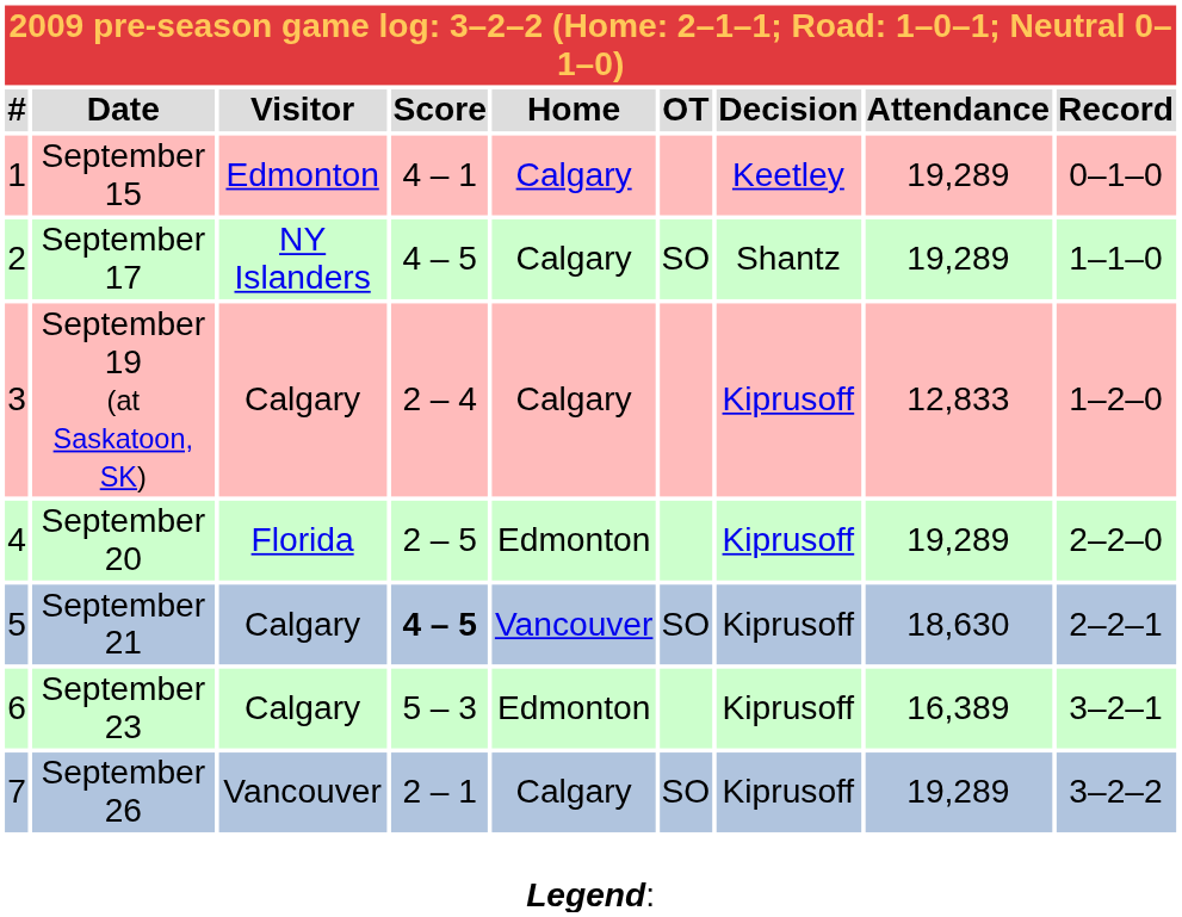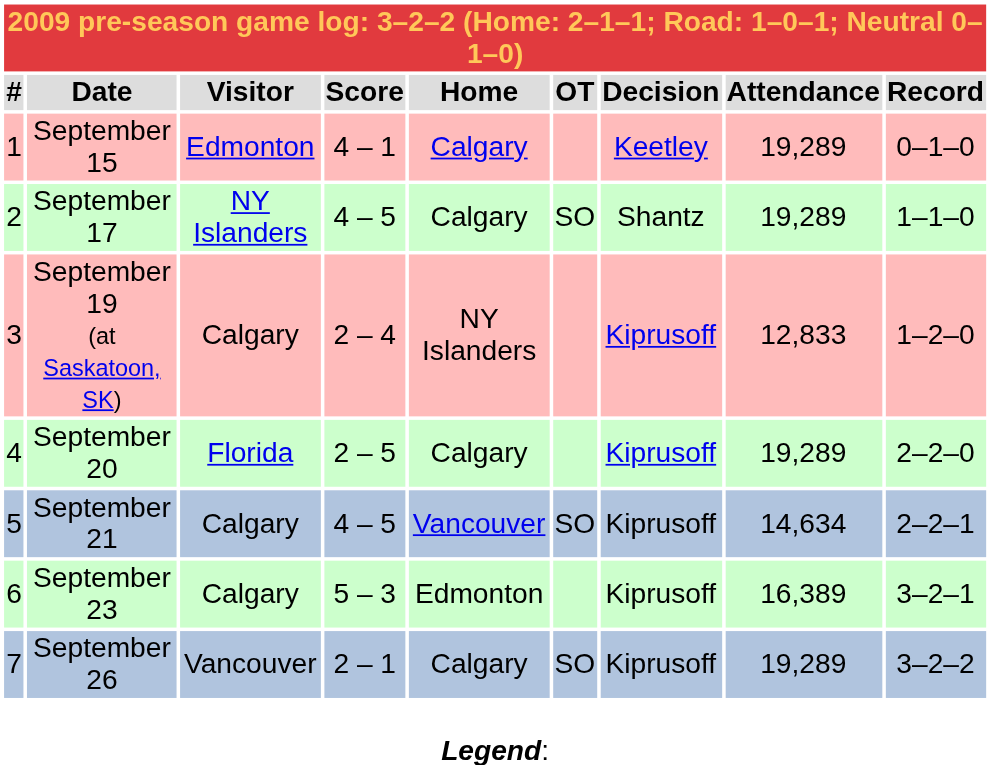 <table class="toccolours collapsible collapsed" width=90% style="clear:both; margin:1.5em auto; text-align:center">
 <tr>
 <th colspan=11 style="background: #E13A3E; color:#FFC859;">2009 pre-season game log: 3–2–2 (Home: 2–1–1; Road: 1–0–1; Neutral 0–1–0)</th>
 </tr>
 <tr align="center" bgcolor="#dddddd">
 <td><strong>#</strong></td>
 <td><strong>Date</strong></td>
 <td><strong>Visitor</strong></td>
 <td><strong>Score</strong></td>
 <td><strong>Home</strong></td>
 <td><strong>OT</strong></td>
 <td><strong>Decision</strong></td>
 <td><strong>Attendance</strong></td>
 <td><strong>Record</strong></td>
 </tr>
 <tr align="center" bgcolor="#FFBBBB">
 <td>1</td>
 <td>September 15</td>
 <td><a href='#'>Edmonton</a></td>
 <td>4 – 1</td>
 <td><a href='#'>Calgary</a></td>
 <td></td>
 <td><a href='#'>Keetley</a></td>
 <td>19,289</td>
 <td>0–1–0</td>
 </tr>
 <tr align="center" bgcolor="#CCFFCC">
 <td>2</td>
 <td>September 17</td>
 <td><a href='#'>NY Islanders</a></td>
 <td>4 – 5</td>
 <td>Calgary</td>
 <td>SO</td>
 <td>Shantz</td>
 <td>19,289</td>
 <td>1–1–0</td>
 </tr>
 <tr align="center" bgcolor="#FFBBBB">
 <td>3</td>
 <td>September 19<br><small>(at <a href='#'>Saskatoon, SK</a>)</small></td>
 <td>Calgary</td>
 <td>2 – 4</td>
-<td>Calgary</td>
+<td>NY Islanders</td>
 <td></td>
 <td><a href='#'>Kiprusoff</a></td>
 <td>12,833</td>
 <td>1–2–0</td>
 </tr>
 <tr align="center" bgcolor="#CCFFCC">
 <td>4</td>
 <td>September 20</td>
 <td><a href='#'>Florida</a></td>
 <td>2 – 5</td>
-<td>Edmonton</td>
+<td>Calgary</td>
 <td></td>
 <td><a href='#'>Kiprusoff</a></td>
 <td>19,289</td>
 <td>2–2–0</td>
 </tr>
 <tr align="center" bgcolor="#B0C4DE">
 <td>5</td>
 <td>September 21</td>
 <td>Calgary</td>
-<td><strong>4 – 5</strong></td>
+<td>4 – 5</td>
 <td><a href='#'>Vancouver</a></td>
 <td>SO</td>
 <td>Kiprusoff</td>
-<td>18,630</td>
+<td>14,634</td>
 <td>2–2–1</td>
 </tr>
 <tr align="center" bgcolor="#CCFFCC">
 <td>6</td>
 <td>September 23</td>
 <td>Calgary</td>
 <td>5 – 3</td>
 <td>Edmonton</td>
 <td></td>
 <td>Kiprusoff</td>
 <td>16,389</td>
 <td>3–2–1</td>
 </tr>
 <tr align="center" bgcolor="#B0C4DE">
 <td>7</td>
 <td>September 26</td>
 <td>Vancouver</td>
 <td>2 – 1</td>
 <td>Calgary</td>
 <td>SO</td>
 <td>Kiprusoff</td>
 <td>19,289</td>
 <td>3–2–2</td>
 </tr>
 <tr>
 <td colspan=11 align="center"><br><strong><em>Legend</em></strong>:   </td>
 </tr>
 </table>
